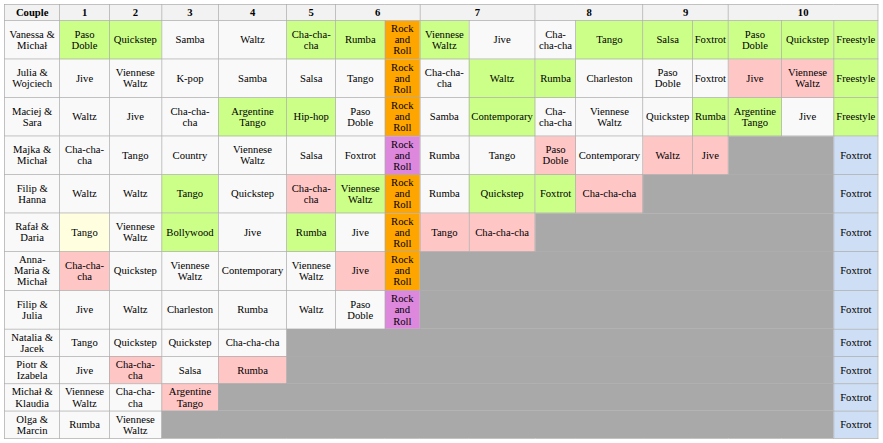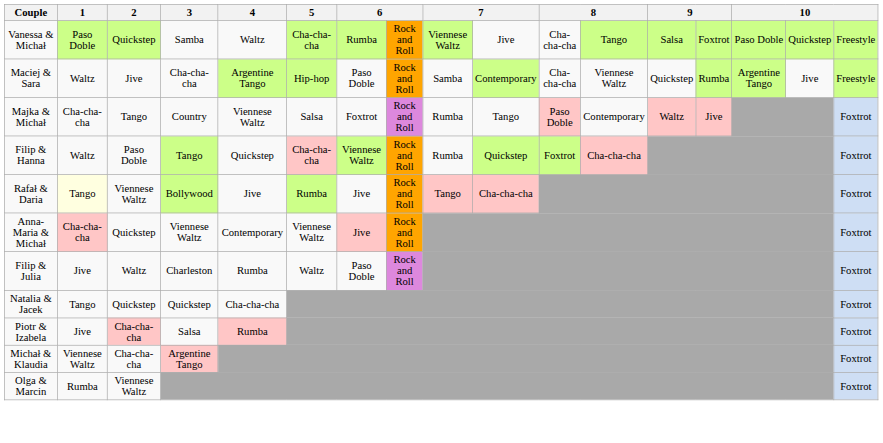 <table class="wikitable" style="text-align:center; font-size:95%; line-height:16px">
 <tr>
 <th>Couple</th>
 <th>1</th>
 <th>2</th>
 <th>3</th>
 <th>4</th>
 <th>5</th>
 <th colspan="2">6</th>
 <th colspan="2">7</th>
 <th colspan="2">8</th>
 <th colspan="2">9</th>
 <th colspan="3">10</th>
 </tr>
 <tr>
 <td>Vanessa & Michał</td>
 <td style="background:#ccff88;">Paso Doble</td>
 <td style="background:#ccff88;">Quickstep</td>
 <td>Samba</td>
 <td>Waltz</td>
 <td style="background:#ccff88;">Cha-cha-cha</td>
 <td style="background:#ccff88;">Rumba</td>
 <td style="background:orange">Rock and Roll</td>
 <td style="background:#ccff88;">Viennese Waltz</td>
 <td>Jive</td>
 <td>Cha-cha-cha</td>
 <td style="background:#ccff88;">Tango</td>
 <td style="background:#ccff88;">Salsa</td>
 <td style="background:#ccff88;">Foxtrot</td>
 <td style="background:#ccff88;">Paso Doble</td>
 <td style="background:#ccff88;">Quickstep</td>
-<td style="background:#ccff88;">Freestyle</td>
-</tr>
-<tr>
-<td>Julia & Wojciech</td>
-<td>Jive</td>
-<td>Viennese Waltz</td>
-<td>K-pop</td>
-<td>Samba</td>
-<td>Salsa</td>
-<td>Tango</td>
-<td style="background:orange">Rock and Roll</td>
-<td>Cha-cha-cha</td>
-<td style="background:#ccff88;">Waltz</td>
-<td style="background:#ccff88;">Rumba</td>
-<td>Charleston</td>
-<td>Paso Doble</td>
-<td>Foxtrot</td>
-<td style="background:#ffc6c6;">Jive</td>
-<td style="background:#ffc6c6;">Viennese Waltz</td>
 <td style="background:#ccff88;">Freestyle</td>
 </tr>
 <tr>
 <td>Maciej & Sara</td>
 <td>Waltz</td>
 <td>Jive</td>
 <td>Cha-cha-cha</td>
 <td style="background:#ccff88;">Argentine Tango</td>
 <td style="background:#ccff88;">Hip-hop</td>
 <td>Paso Doble</td>
 <td style="background:orange">Rock and Roll</td>
 <td>Samba</td>
 <td style="background:#ccff88;">Contemporary</td>
 <td>Cha-cha-cha</td>
 <td>Viennese Waltz</td>
 <td>Quickstep</td>
 <td style="background:#ccff88;">Rumba</td>
 <td style="background:#ccff88;">Argentine Tango</td>
 <td>Jive</td>
 <td style="background:#ccff88;">Freestyle</td>
 </tr>
 <tr>
 <td>Majka & Michał</td>
 <td>Cha-cha-cha</td>
 <td>Tango</td>
 <td>Country</td>
 <td>Viennese Waltz</td>
 <td>Salsa</td>
 <td>Foxtrot</td>
 <td style="background:#dd88dd">Rock and Roll</td>
 <td>Rumba</td>
 <td>Tango</td>
 <td style="background:#ffc6c6;">Paso Doble</td>
 <td>Contemporary</td>
 <td style="background:#ffc6c6;">Waltz</td>
 <td style="background:#ffc6c6;">Jive</td>
 <td style="background:darkgrey;" colspan="2"></td>
 <td style="background:#CEDEF4">Foxtrot</td>
 </tr>
 <tr>
 <td>Filip & Hanna</td>
 <td>Waltz</td>
-<td>Waltz</td>
+<td>Paso Doble</td>
 <td style="background:#ccff88;">Tango</td>
 <td>Quickstep</td>
 <td style="background:#ffc6c6;">Cha-cha-cha</td>
 <td style="background:#ccff88;">Viennese Waltz</td>
 <td style="background:orange">Rock and Roll</td>
 <td>Rumba</td>
 <td style="background:#ccff88;">Quickstep</td>
 <td style="background:#ccff88;">Foxtrot</td>
 <td style="background:#ffc6c6;">Cha-cha-cha</td>
 <td style="background:darkgrey;" colspan="4"></td>
 <td style="background:#CEDEF4">Foxtrot</td>
 </tr>
 <tr>
 <td>Rafał & Daria</td>
 <td style="background: lightyellow;">Tango</td>
 <td>Viennese Waltz</td>
 <td style="background:#ccff88;">Bollywood</td>
 <td>Jive</td>
 <td style="background:#ccff88;">Rumba</td>
 <td>Jive</td>
 <td style="background:orange">Rock and Roll</td>
 <td style="background:#ffc6c6;">Tango</td>
 <td style="background:#ffc6c6;">Cha-cha-cha</td>
 <td style="background:darkgrey;" colspan="6"></td>
 <td style="background:#CEDEF4">Foxtrot</td>
 </tr>
 <tr>
 <td>Anna-Maria & Michał</td>
 <td style="background:#ffc6c6;">Cha-cha-cha</td>
 <td>Quickstep</td>
 <td>Viennese Waltz</td>
 <td>Contemporary</td>
 <td>Viennese Waltz</td>
 <td style="background:#ffc6c6;">Jive</td>
 <td style="background:orange">Rock and Roll</td>
 <td style="background:darkgrey;" colspan="8"></td>
 <td style="background:#CEDEF4">Foxtrot</td>
 </tr>
 <tr>
 <td>Filip & Julia</td>
 <td>Jive</td>
 <td>Waltz</td>
 <td>Charleston</td>
 <td>Rumba</td>
 <td>Waltz</td>
 <td>Paso Doble</td>
 <td style="background:#dd88dd">Rock and Roll</td>
 <td style="background:darkgrey;" colspan="8"></td>
 <td style="background:#CEDEF4">Foxtrot</td>
 </tr>
 <tr>
 <td>Natalia & Jacek</td>
 <td>Tango</td>
 <td>Quickstep</td>
 <td>Quickstep</td>
 <td>Cha-cha-cha</td>
 <td style="background:darkgrey;" colspan="11"></td>
 <td style="background:#CEDEF4">Foxtrot</td>
 </tr>
 <tr>
 <td>Piotr & Izabela</td>
 <td>Jive</td>
 <td style="background:#ffc6c6;">Cha-cha-cha</td>
 <td>Salsa</td>
 <td style="background:#ffc6c6;">Rumba</td>
 <td style="background:darkgrey;" colspan="11"></td>
 <td style="background:#CEDEF4">Foxtrot</td>
 </tr>
 <tr>
 <td>Michał & Klaudia</td>
 <td>Viennese Waltz</td>
 <td>Cha-cha-cha</td>
 <td style="background:#ffc6c6;">Argentine Tango</td>
 <td style="background:darkgrey;" colspan="12"></td>
 <td style="background:#CEDEF4">Foxtrot</td>
 </tr>
 <tr>
 <td>Olga & Marcin</td>
 <td>Rumba</td>
 <td>Viennese Waltz</td>
 <td style="background:darkgrey;" colspan="13"></td>
 <td style="background:#CEDEF4">Foxtrot</td>
 </tr>
 </table>
